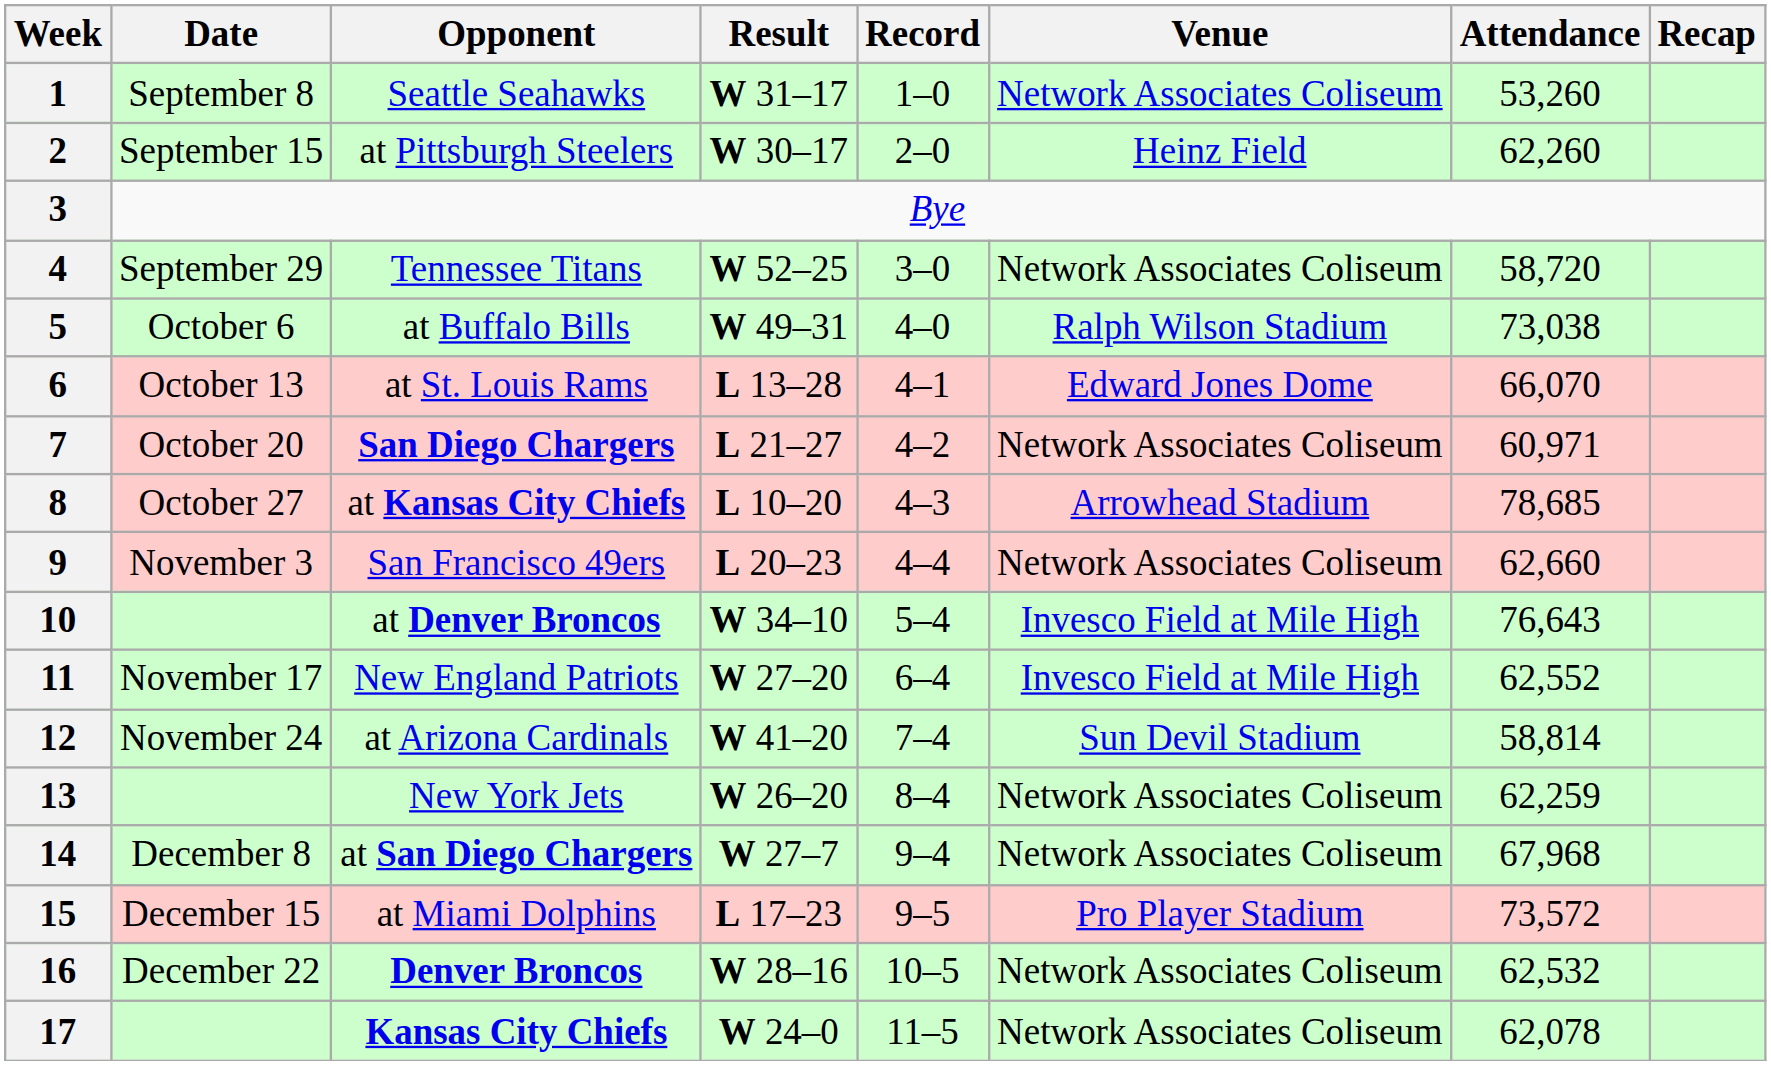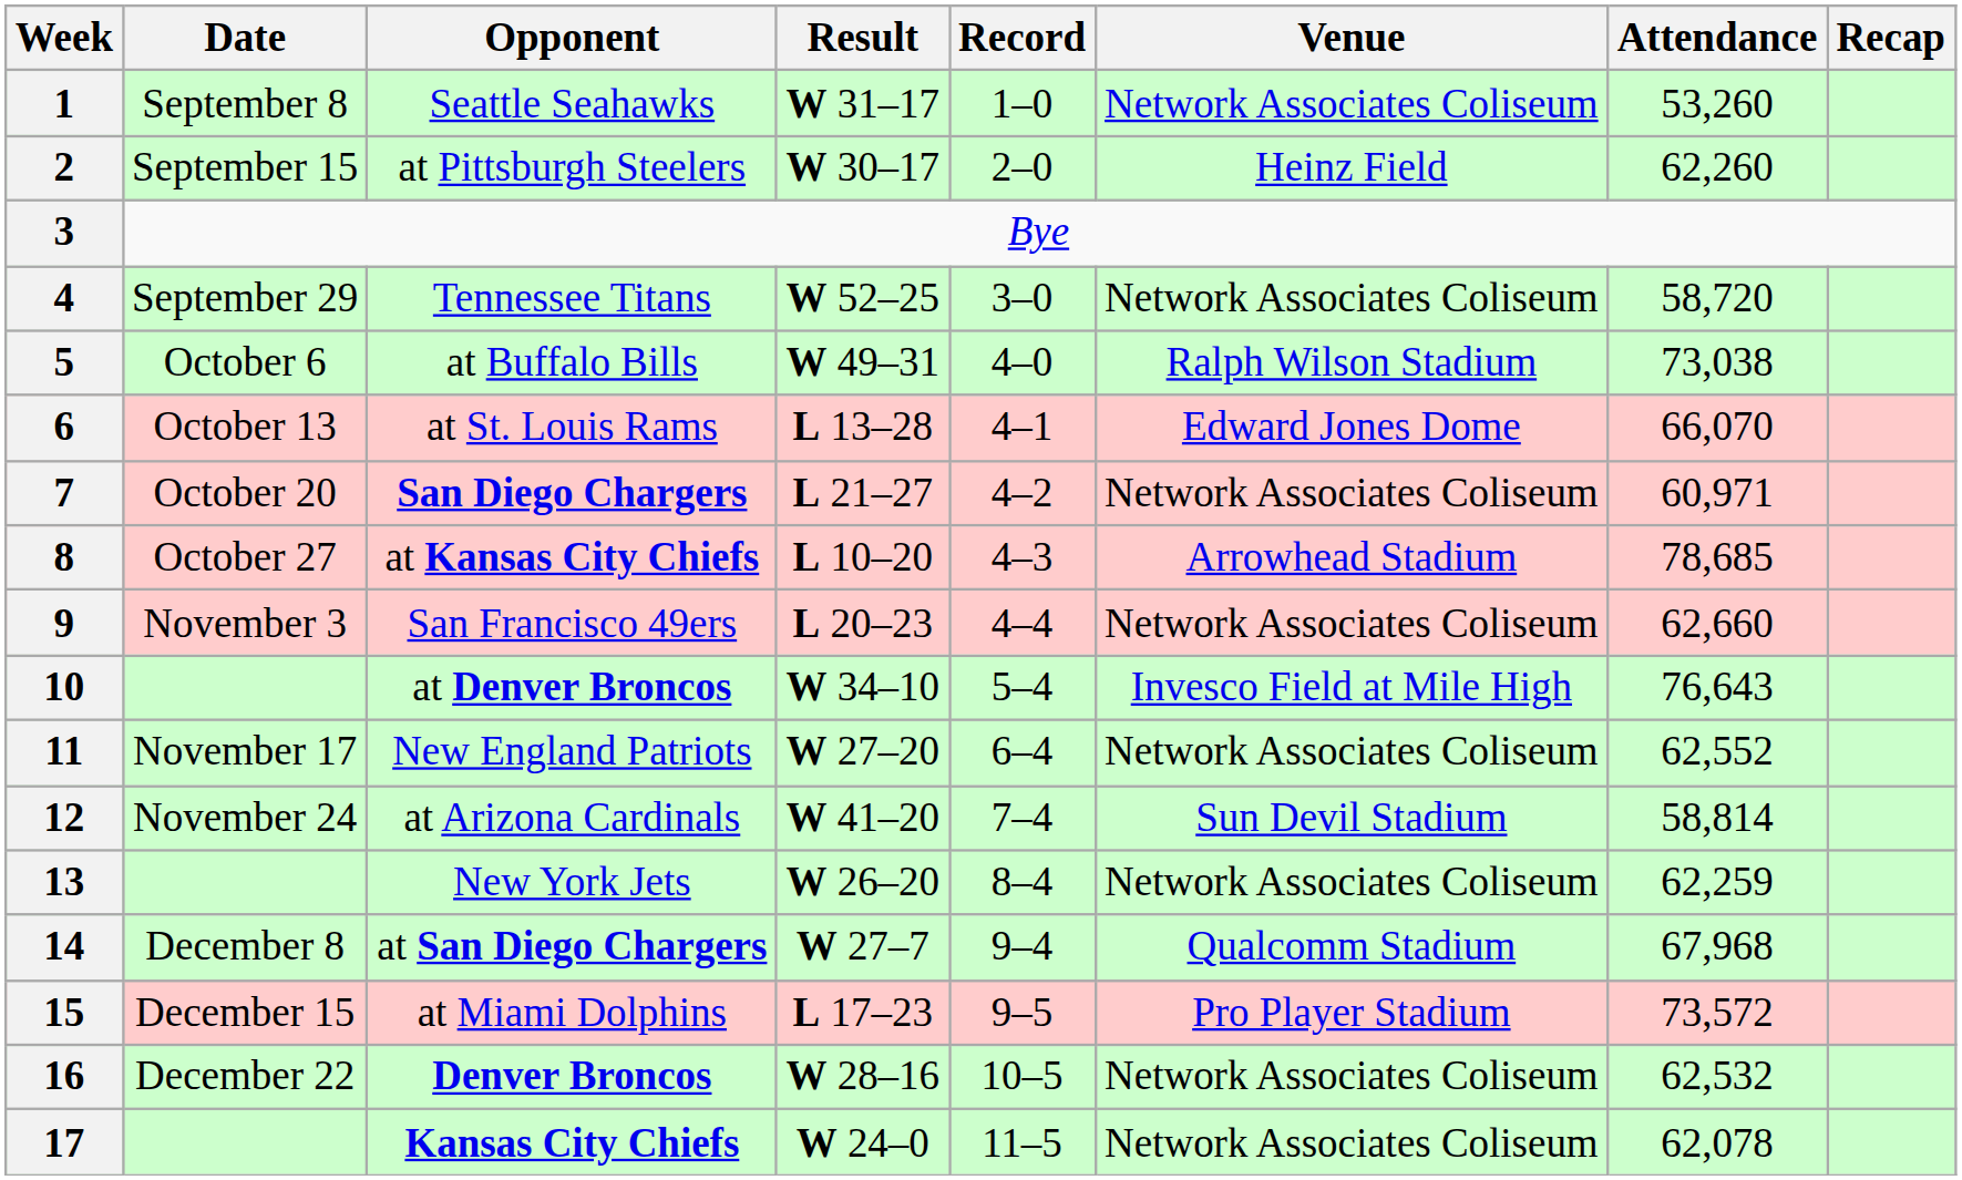 <table class="wikitable" style="text-align:center">
 <tr>
 <th>Week</th>
 <th>Date</th>
 <th>Opponent</th>
 <th>Result</th>
 <th>Record</th>
 <th>Venue</th>
 <th>Attendance</th>
 <th>Recap</th>
 </tr>
 <tr style="background:#cfc">
 <th>1</th>
 <td>September 8</td>
 <td><a href='#'>Seattle Seahawks</a></td>
 <td><strong>W</strong> 31–17</td>
 <td>1–0</td>
 <td><a href='#'>Network Associates Coliseum</a></td>
 <td>53,260</td>
 <td></td>
 </tr>
 <tr style="background:#cfc">
 <th>2</th>
 <td>September 15</td>
 <td>at <a href='#'>Pittsburgh Steelers</a></td>
 <td><strong>W</strong> 30–17</td>
 <td>2–0</td>
 <td><a href='#'>Heinz Field</a></td>
 <td>62,260</td>
 <td></td>
 </tr>
 <tr>
 <th>3</th>
 <td colspan="7"><em><a href='#'>Bye</a></em></td>
 </tr>
 <tr style="background:#cfc">
 <th>4</th>
 <td>September 29</td>
 <td><a href='#'>Tennessee Titans</a></td>
 <td><strong>W</strong> 52–25</td>
 <td>3–0</td>
 <td>Network Associates Coliseum</td>
 <td>58,720</td>
 <td></td>
 </tr>
 <tr style="background:#cfc">
 <th>5</th>
 <td>October 6</td>
 <td>at <a href='#'>Buffalo Bills</a></td>
 <td><strong>W</strong> 49–31</td>
 <td>4–0</td>
 <td><a href='#'>Ralph Wilson Stadium</a></td>
 <td>73,038</td>
 <td></td>
 </tr>
 <tr style="background:#fcc">
 <th>6</th>
 <td>October 13</td>
 <td>at <a href='#'>St. Louis Rams</a></td>
 <td><strong>L</strong> 13–28</td>
 <td>4–1</td>
 <td><a href='#'>Edward Jones Dome</a></td>
 <td>66,070</td>
 <td></td>
 </tr>
 <tr style="background:#fcc">
 <th>7</th>
 <td>October 20</td>
 <td><strong><a href='#'>San Diego Chargers</a></strong></td>
 <td><strong>L</strong> 21–27 </td>
 <td>4–2</td>
 <td>Network Associates Coliseum</td>
 <td>60,971</td>
 <td></td>
 </tr>
 <tr style="background:#fcc">
 <th>8</th>
 <td>October 27</td>
 <td>at <strong><a href='#'>Kansas City Chiefs</a></strong></td>
 <td><strong>L</strong> 10–20</td>
 <td>4–3</td>
 <td><a href='#'>Arrowhead Stadium</a></td>
 <td>78,685</td>
 <td></td>
 </tr>
 <tr style="background:#fcc">
 <th>9</th>
 <td>November 3</td>
 <td><a href='#'>San Francisco 49ers</a></td>
 <td><strong>L</strong> 20–23 </td>
 <td>4–4</td>
 <td>Network Associates Coliseum</td>
 <td>62,660</td>
 <td></td>
 </tr>
 <tr style="background:#cfc">
 <th>10</th>
 <td></td>
 <td>at <strong><a href='#'>Denver Broncos</a></strong></td>
 <td><strong>W</strong> 34–10</td>
 <td>5–4</td>
 <td><a href='#'>Invesco Field at Mile High</a></td>
 <td>76,643</td>
 <td></td>
 </tr>
 <tr style="background:#cfc">
 <th>11</th>
 <td>November 17</td>
 <td><a href='#'>New England Patriots</a></td>
 <td><strong>W</strong> 27–20</td>
 <td>6–4</td>
-<td><a href='#'>Invesco Field at Mile High</a></td>
+<td>Network Associates Coliseum</td>
 <td>62,552</td>
 <td></td>
 </tr>
 <tr style="background:#cfc">
 <th>12</th>
 <td>November 24</td>
 <td>at <a href='#'>Arizona Cardinals</a></td>
 <td><strong>W</strong> 41–20</td>
 <td>7–4</td>
 <td><a href='#'>Sun Devil Stadium</a></td>
 <td>58,814</td>
 <td></td>
 </tr>
 <tr style="background:#cfc">
 <th>13</th>
 <td></td>
 <td><a href='#'>New York Jets</a></td>
 <td><strong>W</strong> 26–20</td>
 <td>8–4</td>
 <td>Network Associates Coliseum</td>
 <td>62,259</td>
 <td></td>
 </tr>
 <tr style="background:#cfc">
 <th>14</th>
 <td>December 8</td>
 <td>at <strong><a href='#'>San Diego Chargers</a></strong></td>
 <td><strong>W</strong> 27–7</td>
 <td>9–4</td>
-<td>Network Associates Coliseum</td>
+<td><a href='#'>Qualcomm Stadium</a></td>
 <td>67,968</td>
 <td></td>
 </tr>
 <tr style="background:#fcc">
 <th>15</th>
 <td>December 15</td>
 <td>at <a href='#'>Miami Dolphins</a></td>
 <td><strong>L</strong> 17–23</td>
 <td>9–5</td>
 <td><a href='#'>Pro Player Stadium</a></td>
 <td>73,572</td>
 <td></td>
 </tr>
 <tr style="background:#cfc">
 <th>16</th>
 <td>December 22</td>
 <td><strong><a href='#'>Denver Broncos</a></strong></td>
 <td><strong>W</strong> 28–16</td>
 <td>10–5</td>
 <td>Network Associates Coliseum</td>
 <td>62,532</td>
 <td></td>
 </tr>
 <tr style="background:#cfc">
 <th>17</th>
 <td></td>
 <td><strong><a href='#'>Kansas City Chiefs</a></strong></td>
 <td><strong>W</strong> 24–0</td>
 <td>11–5</td>
 <td>Network Associates Coliseum</td>
 <td>62,078</td>
 <td></td>
 </tr>
 </table>
